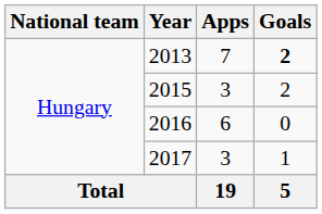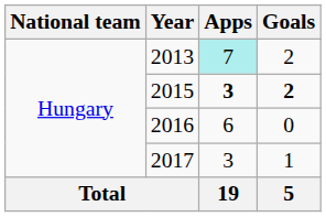 <table class="wikitable" style="text-align:center">
 <tr>
 <th>National team</th>
 <th>Year</th>
 <th>Apps</th>
 <th>Goals</th>
 </tr>
 <tr>
 <td rowspan="4"><a href='#'>Hungary</a></td>
 <td>2013</td>
-<td>7</td>
-<td><strong>2</strong></td>
+<td style="background: paleturquoise;">7</td>
+<td>2</td>
 </tr>
 <tr>
 <td>2015</td>
-<td>3</td>
-<td>2</td>
+<td><strong>3</strong></td>
+<td><strong>2</strong></td>
 </tr>
 <tr>
 <td>2016</td>
 <td>6</td>
 <td>0</td>
 </tr>
 <tr>
 <td>2017</td>
 <td>3</td>
 <td>1</td>
 </tr>
 <tr>
 <th colspan="2">Total</th>
 <th>19</th>
 <th>5</th>
 </tr>
 </table>
